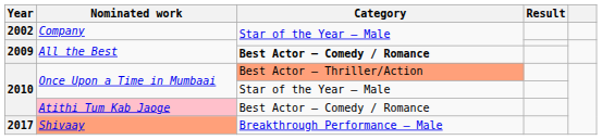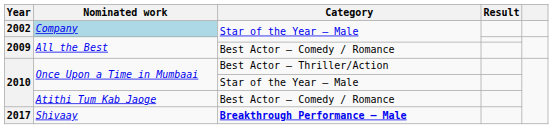 <table class="wikitable plainrowheaders" style="width:80%;">
 <tr>
 <th scope="col" style="width:4%;">Year</th>
 <th scope="col" style="width:35%;">Nominated work</th>
 <th scope="col" style="width:50%;">Category</th>
 <th scope="col" style="width:6%;">Result</th>
 <th scope="col" style="width:6%;"></th>
 </tr>
 <tr>
 <th scope="row">2002</th>
-<td><em><a href='#'>Company</a></em></td>
+<td style="background: lightblue;"><em><a href='#'>Company</a></em></td>
 <td rowspan="2"><a href='#'>Star of the Year – Male</a></td>
 <td></td>
 <td style="text-align:center;"></td>
 </tr>
 <tr>
 <th scope="row" rowspan="2">2009</th>
 <td rowspan="2"><em><a href='#'>All the Best</a></em></td>
 <td></td>
 <td style="text-align:center;" rowspan="2"></td>
 </tr>
 <tr>
-<td><strong>Best Actor – Comedy / Romance</strong></td>
+<td>Best Actor – Comedy / Romance</td>
 <td></td>
 </tr>
 <tr>
 <th scope="row" rowspan="3">2010</th>
 <td rowspan="2"><em><a href='#'>Once Upon a Time in Mumbaai</a></em></td>
-<td style="background: lightsalmon;">Best Actor – Thriller/Action</td>
+<td>Best Actor – Thriller/Action</td>
 <td></td>
 <td style="text-align:center;" rowspan="4"></td>
 </tr>
 <tr>
 <td>Star of the Year – Male</td>
 <td></td>
 </tr>
 <tr>
-<td style="background: pink;"><em><a href='#'>Atithi Tum Kab Jaoge</a></em></td>
+<td><em><a href='#'>Atithi Tum Kab Jaoge</a></em></td>
 <td>Best Actor – Comedy / Romance</td>
 <td></td>
 </tr>
 <tr>
 <th scope="row">2017</th>
-<td style="background: lightsalmon;"><em><a href='#'>Shivaay</a></em></td>
-<td><a href='#'>Breakthrough Performance – Male</a></td>
+<td><em><a href='#'>Shivaay</a></em></td>
+<td><strong><a href='#'>Breakthrough Performance – Male</a></strong></td>
 <td></td>
 </tr>
 </table>
